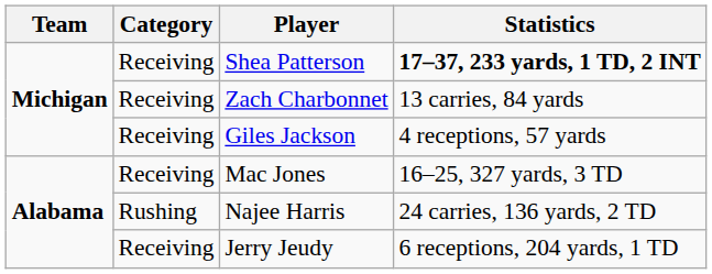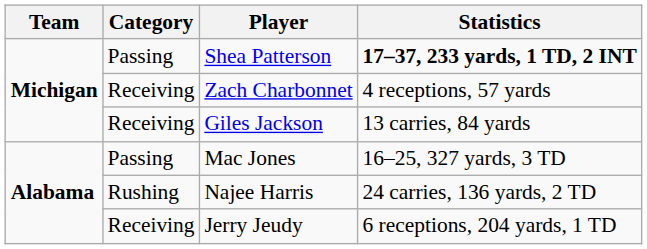 <table class="wikitable" style="float: right;">
 <tr>
 <th>Team</th>
 <th>Category</th>
 <th>Player</th>
 <th>Statistics</th>
 </tr>
 <tr>
 <td rowspan=3><strong>Michigan</strong></td>
-<td>Receiving</td>
+<td>Passing</td>
 <td><a href='#'>Shea Patterson</a></td>
 <td><strong>17–37, 233 yards, 1 TD, 2 INT</strong></td>
 </tr>
 <tr>
 <td>Receiving</td>
 <td><a href='#'>Zach Charbonnet</a></td>
-<td>13 carries, 84 yards</td>
+<td>4 receptions, 57 yards</td>
 </tr>
 <tr>
 <td>Receiving</td>
 <td><a href='#'>Giles Jackson</a></td>
-<td>4 receptions, 57 yards</td>
+<td>13 carries, 84 yards</td>
 </tr>
 <tr>
 <td rowspan=3><strong>Alabama</strong></td>
-<td>Receiving</td>
+<td>Passing</td>
 <td>Mac Jones</td>
 <td>16–25, 327 yards, 3 TD</td>
 </tr>
 <tr>
 <td>Rushing</td>
 <td>Najee Harris</td>
 <td>24 carries, 136 yards, 2 TD</td>
 </tr>
 <tr>
 <td>Receiving</td>
 <td>Jerry Jeudy</td>
 <td>6 receptions, 204 yards, 1 TD</td>
 </tr>
 </table>
